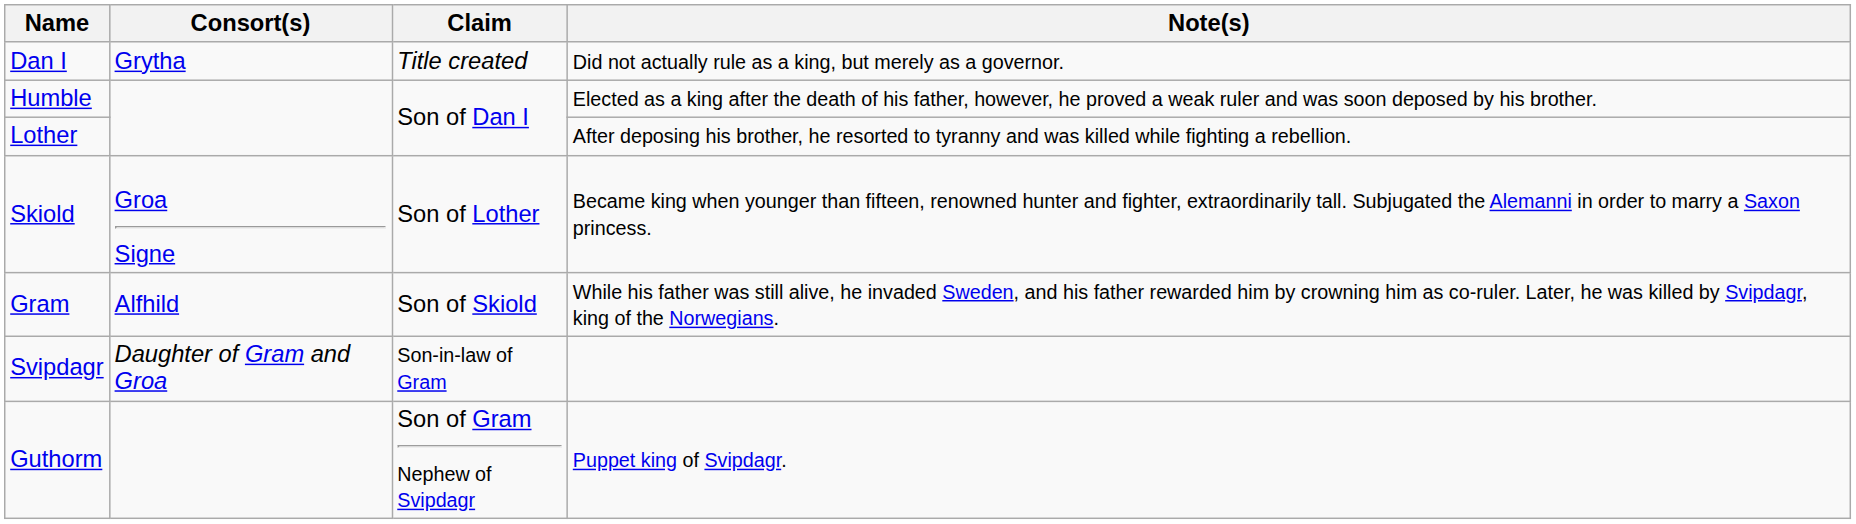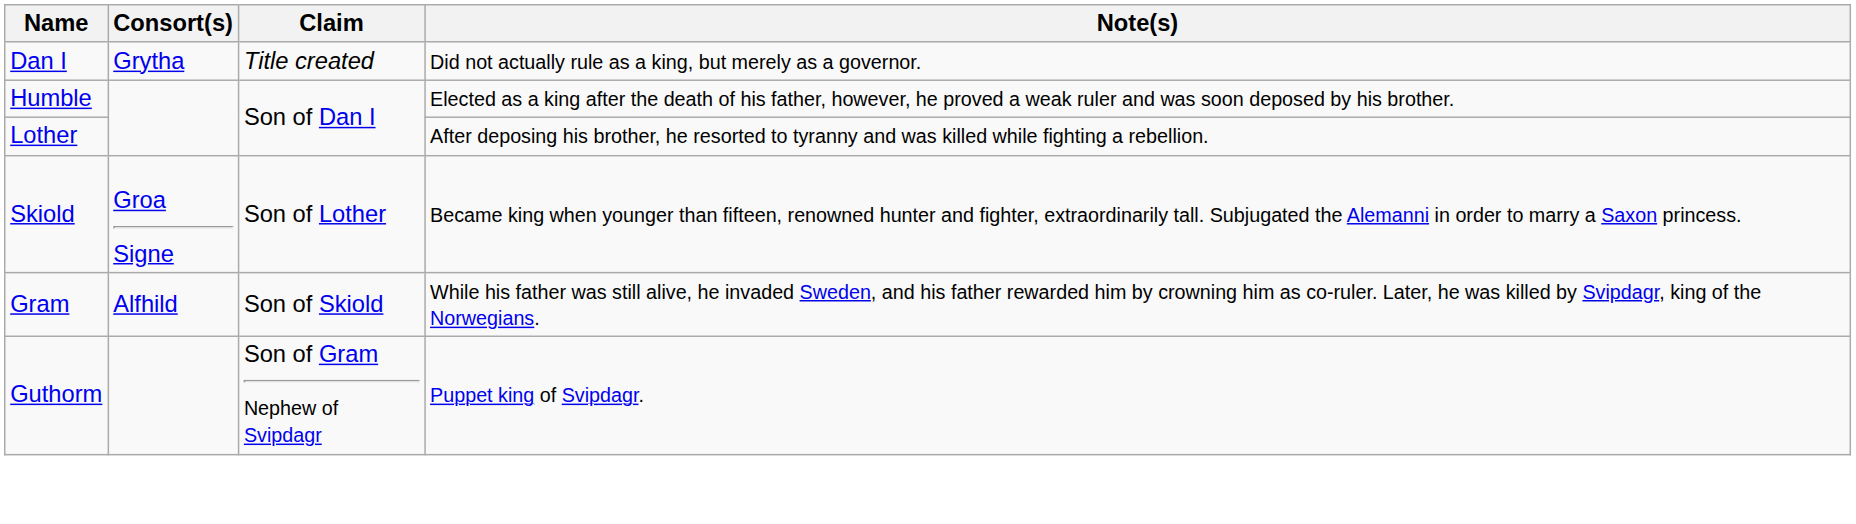 <table class="wikitable">
 <tr>
 <th>Name</th>
 <th>Consort(s)</th>
 <th>Claim</th>
 <th>Note(s)</th>
 </tr>
 <tr>
 <td><a href='#'>Dan I</a></td>
 <td><a href='#'>Grytha</a></td>
 <td><em>Title created</em></td>
 <td><small>Did not actually rule as a king, but merely as a governor.</small></td>
 </tr>
 <tr>
 <td><a href='#'>Humble</a></td>
 <td rowspan="2"></td>
 <td rowspan="2">Son of <a href='#'>Dan I</a></td>
 <td><small>Elected as a king after the death of his father, however, he proved a weak ruler and was soon deposed by his brother.</small></td>
 </tr>
 <tr>
 <td><a href='#'>Lother</a></td>
 <td><small>After deposing his brother, he resorted to tyranny and was killed while fighting a rebellion.</small></td>
 </tr>
 <tr>
 <td><a href='#'>Skiold</a></td>
 <td><br><a href='#'>Groa</a><hr> <a href='#'>Signe</a></td>
 <td>Son of <a href='#'>Lother</a></td>
 <td><small>Became king when younger than fifteen, renowned hunter and fighter, extraordinarily tall. Subjugated the <a href='#'>Alemanni</a> in order to marry a <a href='#'>Saxon</a> princess.</small></td>
 </tr>
 <tr>
 <td><a href='#'>Gram</a></td>
 <td><a href='#'>Alfhild</a></td>
 <td>Son of <a href='#'>Skiold</a></td>
 <td><small>While his father was still alive, he invaded <a href='#'>Sweden</a>, and his father rewarded him by crowning him as co-ruler. Later, he was killed by <a href='#'>Svipdagr</a>, king of the <a href='#'>Norwegians</a>.</small></td>
 </tr>
 <tr>
-<td><a href='#'>Svipdagr</a></td>
-<td><em>Daughter of <a href='#'>Gram</a> and <a href='#'>Groa</a></em></td>
-<td><small>Son-in-law of <a href='#'>Gram</a></small></td>
-<td></td>
-</tr>
-<tr>
 <td><a href='#'>Guthorm</a></td>
 <td></td>
 <td>Son of <a href='#'>Gram</a><hr><small>Nephew of <a href='#'>Svipdagr</a></small></td>
 <td><small><a href='#'>Puppet king</a> of <a href='#'>Svipdagr</a>.</small></td>
 </tr>
 </table>
